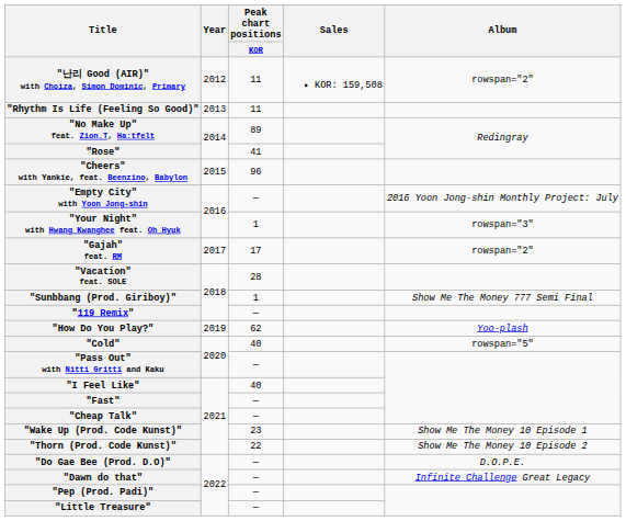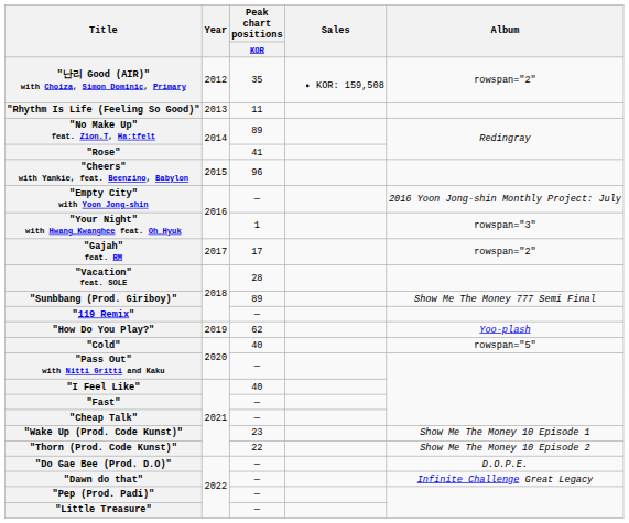 <table class="wikitable plainrowheaders" style="text-align:center;">
 <tr>
 <th rowspan="2" scope="col">Title</th>
 <th rowspan="2" scope="col">Year</th>
 <th colspan="1" scope="col" style="width:5em;">Peak chart positions</th>
 <th rowspan="2" scope="col">Sales</th>
 <th rowspan="2">Album</th>
 </tr>
 <tr>
 <th><small><a href='#'>KOR</a></small><br></th>
 </tr>
 <tr>
 <th scope="row">"난리 Good (AIR)"<br><small>with <a href='#'>Choiza</a>, <a href='#'>Simon Dominic</a>, <a href='#'>Primary</a></small></th>
 <td>2012</td>
-<td>11</td>
+<td>35</td>
 <td><br><ul><li>KOR: 159,508</li></ul></td>
 <td>rowspan="2" </td>
 </tr>
 <tr>
 <th scope="row">"Rhythm Is Life (Feeling So Good)"<br></th>
 <td>2013</td>
 <td>11</td>
 <td></td>
 </tr>
 <tr>
 <th scope="row">"No Make Up" <br><small>feat. <a href='#'>Zion.T</a>, <a href='#'>Ha:tfelt</a></small></th>
 <td rowspan="2">2014</td>
 <td>89</td>
 <td></td>
 <td rowspan="2"><em>Redingray</em></td>
 </tr>
 <tr>
 <th scope="row">"Rose" </th>
 <td>41</td>
 <td></td>
 </tr>
 <tr>
 <th scope="row">"Cheers"<br><small>with Yankie, feat. <a href='#'>Beenzino</a>, <a href='#'>Babylon</a></small></th>
 <td>2015</td>
 <td>96</td>
 <td></td>
 <td></td>
 </tr>
 <tr>
 <th scope="row">"Empty City"<br><small>with <a href='#'>Yoon Jong-shin</a></small></th>
 <td rowspan="2">2016</td>
 <td>—</td>
 <td></td>
 <td><em>2016 Yoon Jong-shin Monthly Project: July</em></td>
 </tr>
 <tr>
 <th scope="row">"Your Night" <br><small>with <a href='#'>Hwang Kwanghee</a> feat. <a href='#'>Oh Hyuk</a></small></th>
 <td>1</td>
 <td></td>
 <td>rowspan="3"  </td>
 </tr>
 <tr>
 <th scope="row">"Gajah" <br><small>feat. <a href='#'>RM</a></small></th>
 <td>2017</td>
 <td>17</td>
 <td></td>
 <td>rowspan="2" </td>
 </tr>
 <tr>
 <th scope="row">"Vacation"<br><small>feat. SOLE</small></th>
 <td rowspan="3">2018</td>
 <td>28</td>
 <td></td>
 </tr>
 <tr>
 <th scope="row">"Sunbbang (Prod. Giriboy)" <br></th>
-<td>1</td>
+<td>89</td>
 <td></td>
 <td><em>Show Me The Money 777 Semi Final</em></td>
 </tr>
 <tr>
 <th scope="row">"<a href='#'>119 Remix</a>" <br></th>
 <td>—</td>
 <td></td>
 <td></td>
 </tr>
 <tr>
 <th scope="row">"How Do You Play?"  <br></th>
 <td>2019</td>
 <td>62</td>
 <td></td>
 <td><em><a href='#'>Yoo-plash</a></em></td>
 </tr>
 <tr>
 <th scope="row">"Cold" <br></th>
 <td rowspan="2">2020</td>
 <td>40</td>
 <td></td>
 <td>rowspan="5" </td>
 </tr>
 <tr>
 <th scope="row">"Pass Out"<br><small>with <a href='#'>Nitti Gritti</a> and Kaku</small></th>
 <td>—</td>
 <td></td>
 </tr>
 <tr>
 <th scope="row">"I Feel Like"  <br></th>
 <td rowspan="5">2021</td>
 <td>40</td>
 <td></td>
 </tr>
 <tr>
 <th scope="row">"Fast"  <br></th>
 <td>—</td>
 <td></td>
 </tr>
 <tr>
 <th scope="row">"Cheap Talk" </th>
 <td>—</td>
 <td></td>
 </tr>
 <tr>
 <th scope="row">"Wake Up (Prod. Code Kunst)" <br></th>
 <td>23</td>
 <td></td>
 <td><em>Show Me The Money 10 Episode 1</em></td>
 </tr>
 <tr>
 <th scope="row">"Thorn (Prod. Code Kunst)"  <br></th>
 <td>22</td>
 <td></td>
 <td><em>Show Me The Money 10 Episode 2</em></td>
 </tr>
 <tr>
 <th scope="row">"Do Gae Bee (Prod. D.O)"   <br></th>
 <td rowspan="4">2022</td>
 <td>—</td>
 <td></td>
 <td><em>D.O.P.E.</em></td>
 </tr>
 <tr>
 <th scope="row">"Dawn do that"   <br></th>
 <td>—</td>
 <td></td>
 <td><em><a href='#'>Infinite Challenge</a> Great Legacy</em></td>
 </tr>
 <tr>
 <th scope="row">"Pep (Prod. Padi)"  <br></th>
 <td>—</td>
 <td></td>
 </tr>
 <tr>
 <th scope="row">"Little Treasure"  <br></th>
 <td>—</td>
 <td></td>
 </tr>
 </table>
